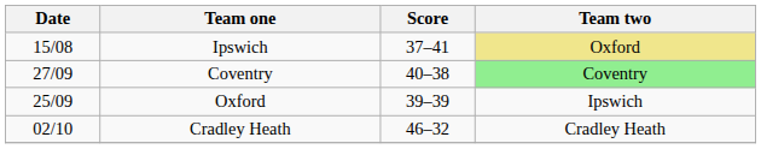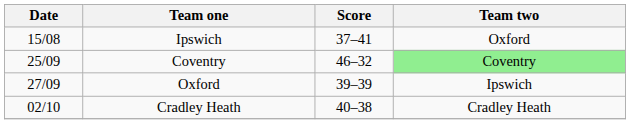 <table class="wikitable" style="text-align: center">
 <tr>
 <th width=80>Date</th>
 <th width=250>Team one</th>
 <th width=80>Score</th>
 <th width=250>Team two</th>
 </tr>
 <tr>
 <td>15/08</td>
 <td>Ipswich</td>
 <td>37–41</td>
-<td style="background: khaki;">Oxford</td>
+<td>Oxford</td>
+</tr>
+<tr>
+<td>25/09</td>
+<td>Coventry</td>
+<td>46–32</td>
+<td style="background: lightgreen;">Coventry</td>
 </tr>
 <tr>
 <td>27/09</td>
-<td>Coventry</td>
-<td>40–38</td>
-<td style="background: lightgreen;">Coventry</td>
-</tr>
-<tr>
-<td>25/09</td>
 <td>Oxford</td>
 <td>39–39</td>
 <td>Ipswich</td>
 </tr>
 <tr>
 <td>02/10</td>
 <td>Cradley Heath</td>
-<td>46–32</td>
+<td>40–38</td>
 <td>Cradley Heath</td>
 </tr>
 <tr>
 </tr>
 </table>
